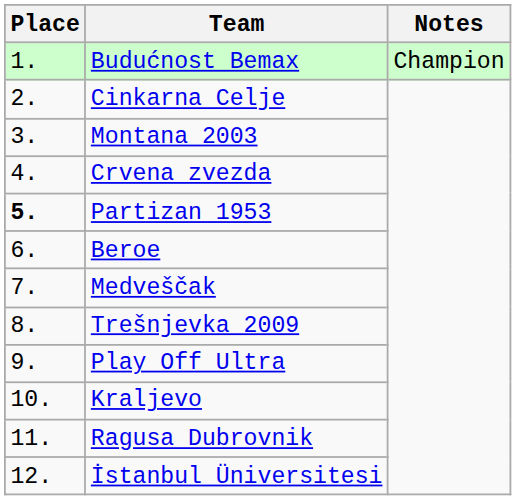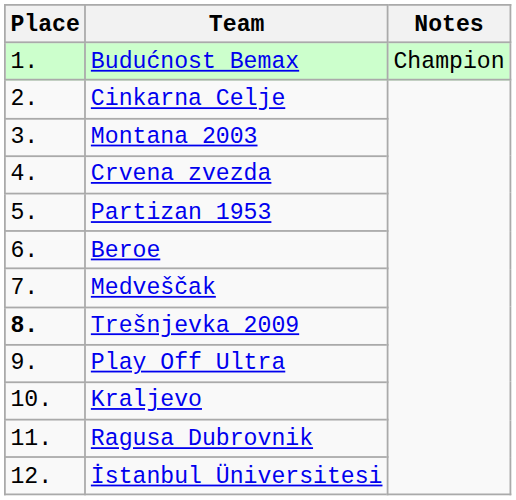 <table class="wikitable">
 <tr>
 <th>Place</th>
 <th>Team</th>
 <th>Notes</th>
 </tr>
 <tr bgcolor=#ccffcc>
 <td>1.</td>
 <td> <a href='#'>Budućnost Bemax</a></td>
 <td rowspan="1">Champion</td>
 </tr>
 <tr>
 <td>2.</td>
 <td> <a href='#'>Cinkarna Celje</a></td>
 <td rowspan="11"></td>
 </tr>
 <tr>
 <td>3.</td>
 <td> <a href='#'>Montana 2003</a></td>
 </tr>
 <tr>
 <td>4.</td>
 <td> <a href='#'>Crvena zvezda</a></td>
 </tr>
 <tr>
-<td><strong>5.</strong></td>
+<td>5.</td>
 <td> <a href='#'>Partizan 1953</a></td>
 </tr>
 <tr>
 <td>6.</td>
 <td> <a href='#'>Beroe</a></td>
 </tr>
 <tr>
 <td>7.</td>
 <td> <a href='#'>Medveščak</a></td>
 </tr>
 <tr>
-<td>8.</td>
+<td><strong>8.</strong></td>
 <td> <a href='#'>Trešnjevka 2009</a></td>
 </tr>
 <tr>
 <td>9.</td>
 <td> <a href='#'>Play Off Ultra</a></td>
 </tr>
 <tr>
 <td>10.</td>
 <td> <a href='#'>Kraljevo</a></td>
 </tr>
 <tr>
 <td>11.</td>
 <td> <a href='#'>Ragusa Dubrovnik</a></td>
 </tr>
 <tr>
 <td>12.</td>
 <td> <a href='#'>İstanbul Üniversitesi</a></td>
 </tr>
 </table>
